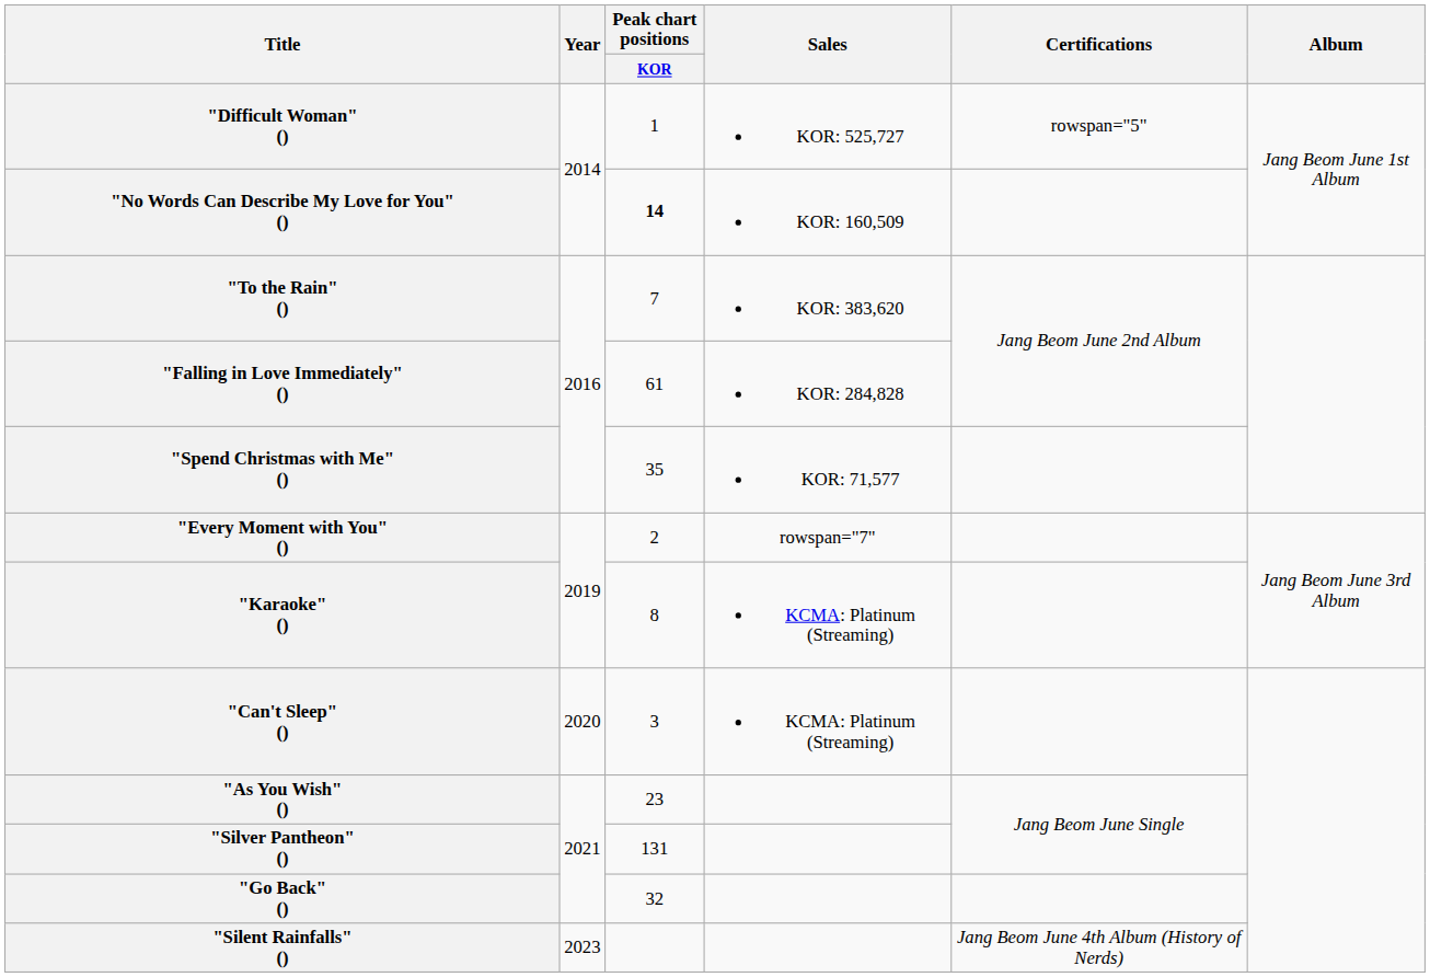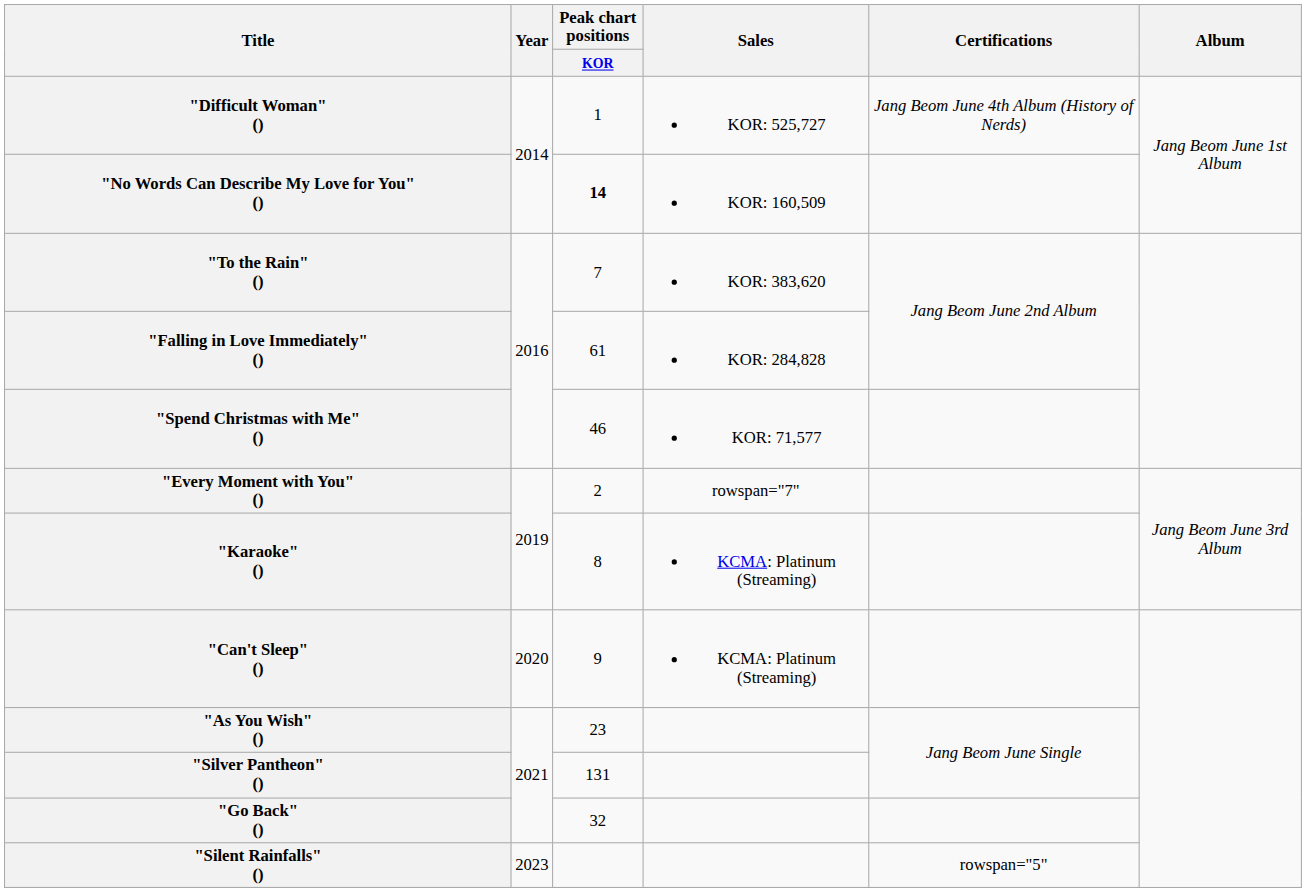 <table class="wikitable plainrowheaders" style="text-align:center">
 <tr>
 <th scope="col" rowspan="2" style="width:30em;">Title</th>
 <th scope="col" rowspan="2">Year</th>
 <th scope="col" colspan="1" style="width:5em;">Peak chart positions</th>
 <th scope="col" rowspan="2">Sales</th>
 <th scope="col" rowspan="2">Certifications</th>
 <th scope="col" rowspan="2">Album</th>
 </tr>
 <tr>
 <th><small><a href='#'>KOR</a></small><br></th>
 </tr>
 <tr>
 <th scope="row">"Difficult Woman"<br>()</th>
 <td rowspan="2">2014</td>
 <td>1</td>
 <td><br><ul><li>KOR: 525,727</li></ul></td>
-<td>rowspan="5" </td>
+<td><em>Jang Beom June 4th Album (History of Nerds)</em></td>
 <td rowspan="2"><em>Jang Beom June 1st Album</em></td>
 </tr>
 <tr>
 <th scope="row">"No Words Can Describe My Love for You"<br>()</th>
 <td><strong>14</strong></td>
 <td><br><ul><li>KOR: 160,509</li></ul></td>
 </tr>
 <tr>
 <th scope="row">"To the Rain"<br>()</th>
 <td rowspan="3">2016</td>
 <td>7</td>
 <td><br><ul><li>KOR: 383,620</li></ul></td>
 <td rowspan="2"><em>Jang Beom June 2nd Album</em></td>
 </tr>
 <tr>
 <th scope="row">"Falling in Love Immediately"<br>()</th>
 <td>61</td>
 <td><br><ul><li>KOR: 284,828</li></ul></td>
 </tr>
 <tr>
 <th scope="row">"Spend Christmas with Me"<br>()</th>
-<td>35</td>
+<td>46</td>
 <td><br><ul><li>KOR: 71,577</li></ul></td>
 <td></td>
 </tr>
 <tr>
 <th scope="row">"Every Moment with You"<br>()</th>
 <td rowspan="2">2019</td>
 <td>2</td>
 <td>rowspan="7" </td>
 <td></td>
 <td rowspan="2"><em>Jang Beom June 3rd Album</em></td>
 </tr>
 <tr>
 <th scope="row">"Karaoke"<br>()</th>
 <td>8</td>
 <td><br><ul><li><a href='#'>KCMA</a>: Platinum (Streaming)</li></ul></td>
 </tr>
 <tr>
 <th scope="row">"Can't Sleep"<br>()</th>
 <td>2020</td>
-<td>3</td>
+<td>9</td>
 <td><br><ul><li>KCMA: Platinum (Streaming)</li></ul></td>
 <td></td>
 </tr>
 <tr>
 <th scope="row">"As You Wish"<br>()</th>
 <td rowspan="3">2021</td>
 <td>23</td>
 <td></td>
 <td rowspan="2"><em>Jang Beom June Single</em></td>
 </tr>
 <tr>
 <th scope="row">"Silver Pantheon"<br>()</th>
 <td>131</td>
 <td></td>
 </tr>
 <tr>
 <th scope="row">"Go Back"<br>()</th>
 <td>32</td>
 <td></td>
 <td></td>
 </tr>
 <tr>
 <th scope="row">"Silent Rainfalls"<br>()</th>
 <td>2023</td>
 <td></td>
 <td></td>
-<td><em>Jang Beom June 4th Album (History of Nerds)</em></td>
+<td>rowspan="5" </td>
 </tr>
 <tr>
 </tr>
 </table>
